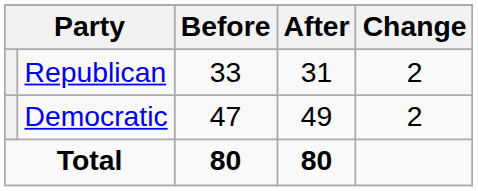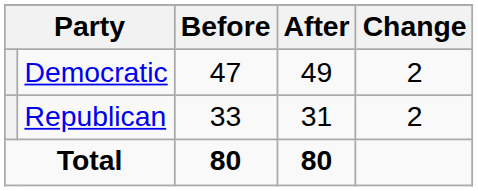 <table class="wikitable" style="text-align:center;">
 <tr>
 </tr>
 <tr>
 <th colspan=2>Party</th>
 <th>Before</th>
 <th>After</th>
 <th>Change</th>
 </tr>
 <tr>
 <th style="background-color:"></th>
-<td style="text-align:left;"><a href='#'>Republican</a></td>
-<td>33</td>
-<td>31</td>
+<td style="text-align:left;"><a href='#'>Democratic</a></td>
+<td>47</td>
+<td>49</td>
 <td> 2</td>
 </tr>
 <tr>
 <th style="background-color:"></th>
-<td style="text-align:left;"><a href='#'>Democratic</a></td>
-<td>47</td>
-<td>49</td>
+<td style="text-align:left;"><a href='#'>Republican</a></td>
+<td>33</td>
+<td>31</td>
 <td> 2</td>
 </tr>
 <tr>
 <td colspan=2><strong>Total</strong></td>
 <td><strong>80</strong></td>
 <td><strong>80</strong></td>
 </tr>
 </table>
